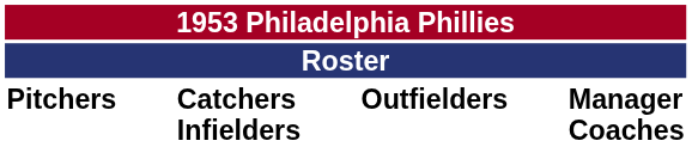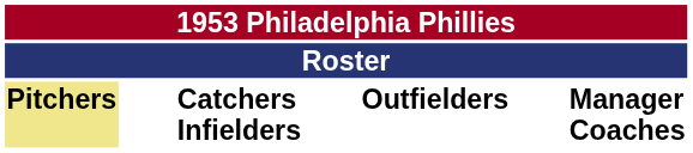 <table class="toccolours" style="font-size: 95%;">
 <tr>
 <th colspan="10" style="background-color: #A50024; color: white; text-align: center;">1953 Philadelphia Phillies</th>
 </tr>
 <tr>
 <td colspan="10" style="background-color: #263473; color: white; text-align: center;"><strong>Roster</strong></td>
 </tr>
 <tr>
-<td valign="top"><strong>Pitchers</strong><br>           </td>
+<td valign="top" style="background: khaki;"><strong>Pitchers</strong><br>           </td>
 <td width="25px"></td>
 <td valign="top"><strong>Catchers</strong><br>  <strong>Infielders</strong>        </td>
 <td width="25px"></td>
 <td valign="top"><strong>Outfielders</strong><br>      </td>
 <td width="25px"></td>
 <td valign="top"><strong>Manager</strong><br> <strong>Coaches</strong>     </td>
 </tr>
 <tr>
 </tr>
 </table>
